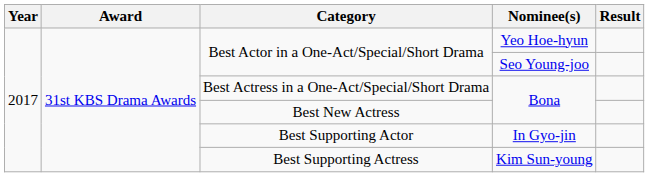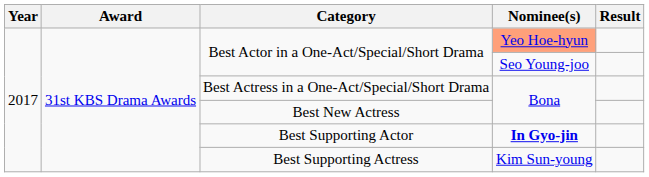 <table class="wikitable" style="text-align:center">
 <tr>
 <th>Year</th>
 <th>Award</th>
 <th>Category</th>
 <th>Nominee(s)</th>
 <th>Result</th>
 </tr>
 <tr>
 <td rowspan="6">2017</td>
 <td rowspan="6"><a href='#'>31st KBS Drama Awards</a></td>
 <td rowspan="2">Best Actor in a One-Act/Special/Short Drama</td>
-<td><a href='#'>Yeo Hoe-hyun</a></td>
+<td style="background: lightsalmon;"><a href='#'>Yeo Hoe-hyun</a></td>
 <td></td>
 </tr>
 <tr>
 <td><a href='#'>Seo Young-joo</a></td>
 <td></td>
 </tr>
 <tr>
 <td>Best Actress in a One-Act/Special/Short Drama</td>
 <td rowspan="2"><a href='#'>Bona</a></td>
 <td></td>
 </tr>
 <tr>
 <td>Best New Actress</td>
 <td></td>
 </tr>
 <tr>
 <td>Best Supporting Actor</td>
-<td><a href='#'>In Gyo-jin</a></td>
+<td><strong><a href='#'>In Gyo-jin</a></strong></td>
 <td></td>
 </tr>
 <tr>
 <td>Best Supporting Actress</td>
 <td><a href='#'>Kim Sun-young</a></td>
 <td></td>
 </tr>
 </table>
